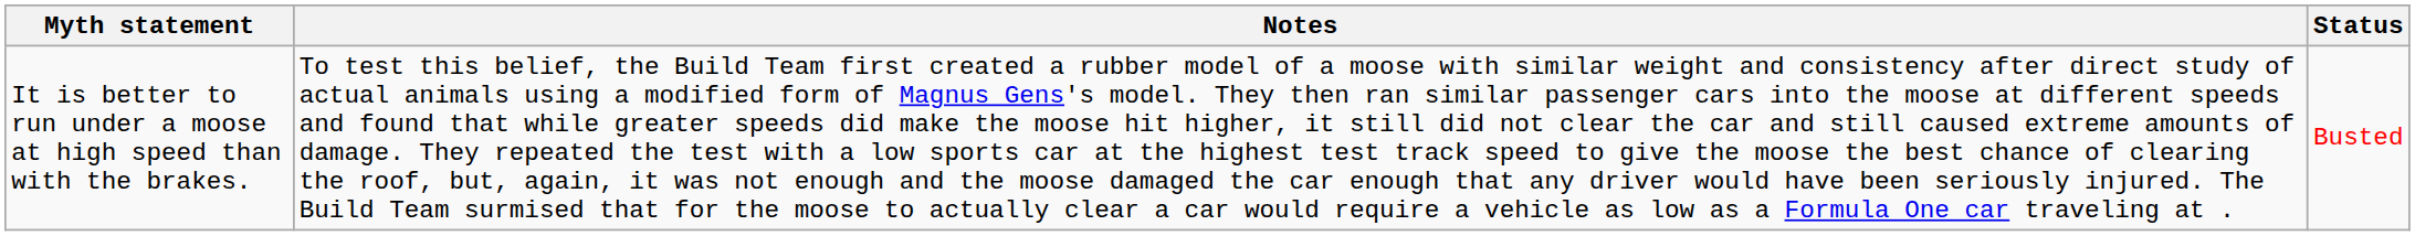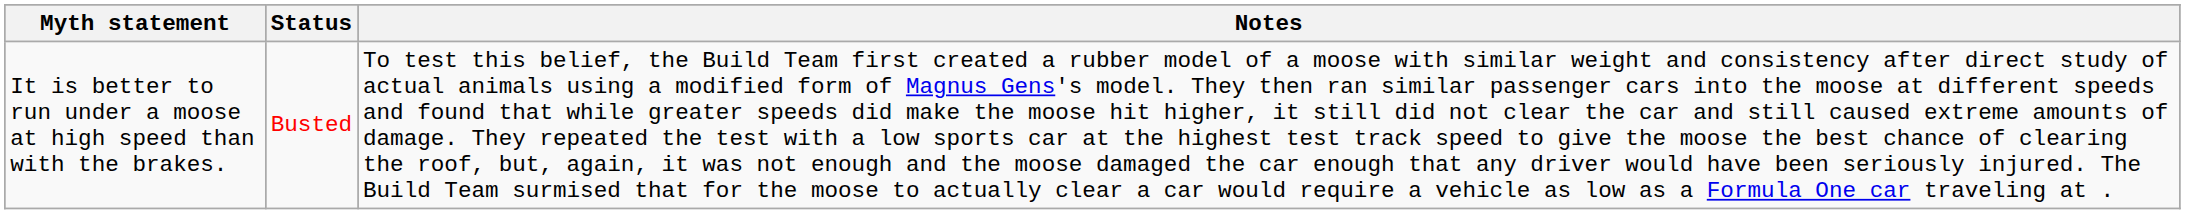 <table class="wikitable plainrowheaders">
 <tr>
 <th>Myth statement</th>
+<th>Status</th>
 <th>Notes</th>
-<th>Status</th>
 </tr>
 <tr>
 <td>It is better to run under a moose at high speed than with the brakes.</td>
+<td style="color:red">Busted</td>
 <td>To test this belief, the Build Team first created a rubber model of a moose with similar weight and consistency after direct study of actual animals using a modified form of <a href='#'>Magnus Gens</a>'s model. They then ran similar passenger cars into the moose at different speeds and found that while greater speeds did make the moose hit higher, it still did not clear the car and still caused extreme amounts of damage. They repeated the test with a low sports car at the highest test track speed to give the moose the best chance of clearing the roof, but, again, it was not enough and the moose damaged the car enough that any driver would have been seriously injured. The Build Team surmised that for the moose to actually clear a car would require a vehicle as low as a <a href='#'>Formula One car</a> traveling at .</td>
-<td style="color:red">Busted</td>
 </tr>
 </table>
